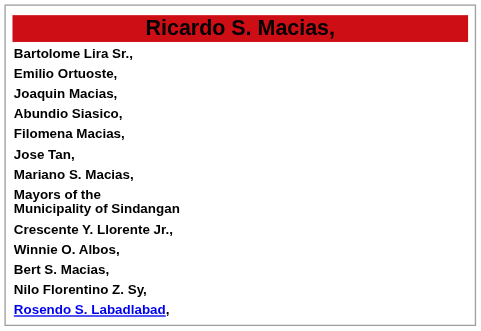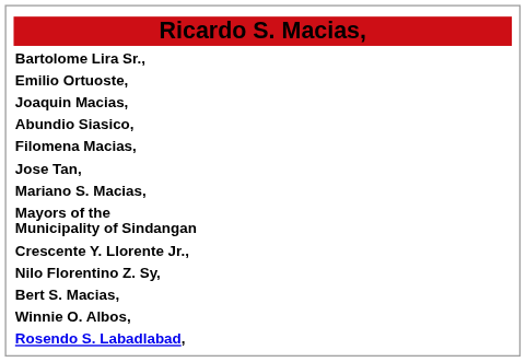 <table style="float:right; margin:1em 1em 1em 1em; width:22em; border: 1px solid #a0a0a0; padding: 3px; bg-color=yellow; text-align:right;">
 <tr style="text-align:center;">
 </tr>
 <tr bgcolor="cd0e15" align="center">
 <td><strong>Ricardo S. Macias,</strong> </td>
 </tr>
 <tr style="text-align:left; font-size:x-small;">
 <td><strong>Bartolome Lira Sr.,</strong> </td>
 </tr>
 <tr style="text-align:left; font-size:x-small;">
 <td><strong>Emilio Ortuoste,</strong> </td>
 </tr>
 <tr style="text-align:left; font-size:x-small;">
 <td><strong>Joaquin Macias,</strong> </td>
 </tr>
 <tr style="text-align:left; font-size:x-small;">
 <td><strong>Abundio Siasico,</strong> </td>
 </tr>
 <tr style="text-align:left; font-size:x-small;">
 <td><strong>Filomena Macias,</strong> </td>
 </tr>
 <tr style="text-align:left; font-size:x-small;">
 <td><strong>Jose Tan,</strong> </td>
 </tr>
 <tr style="text-align:left; font-size:x-small;">
 <td><strong>Mariano S. Macias,</strong> </td>
 </tr>
 <tr style="text-align:left; font-size:x-small;">
 <td><span><strong>Mayors of the<br> Municipality of Sindangan</strong></span></td>
 </tr>
 <tr style="text-align:left; font-size:x-small;">
 <td><strong>Crescente Y. Llorente Jr.,</strong> </td>
 </tr>
 <tr style="text-align:left; font-size:x-small;">
-<td><strong>Winnie O. Albos,</strong> </td>
+<td><strong>Nilo Florentino Z. Sy,</strong> </td>
 </tr>
 <tr style="text-align:left; font-size:x-small;">
 <td><strong>Bert S. Macias,</strong> </td>
 </tr>
 <tr style="text-align:left; font-size:x-small;">
-<td><strong>Nilo Florentino Z. Sy,</strong> </td>
+<td><strong>Winnie O. Albos,</strong> </td>
 </tr>
 <tr style="text-align:left; font-size:x-small;">
 <td><strong><a href='#'>Rosendo S. Labadlabad</a>,</strong> </td>
 </tr>
 </table>
